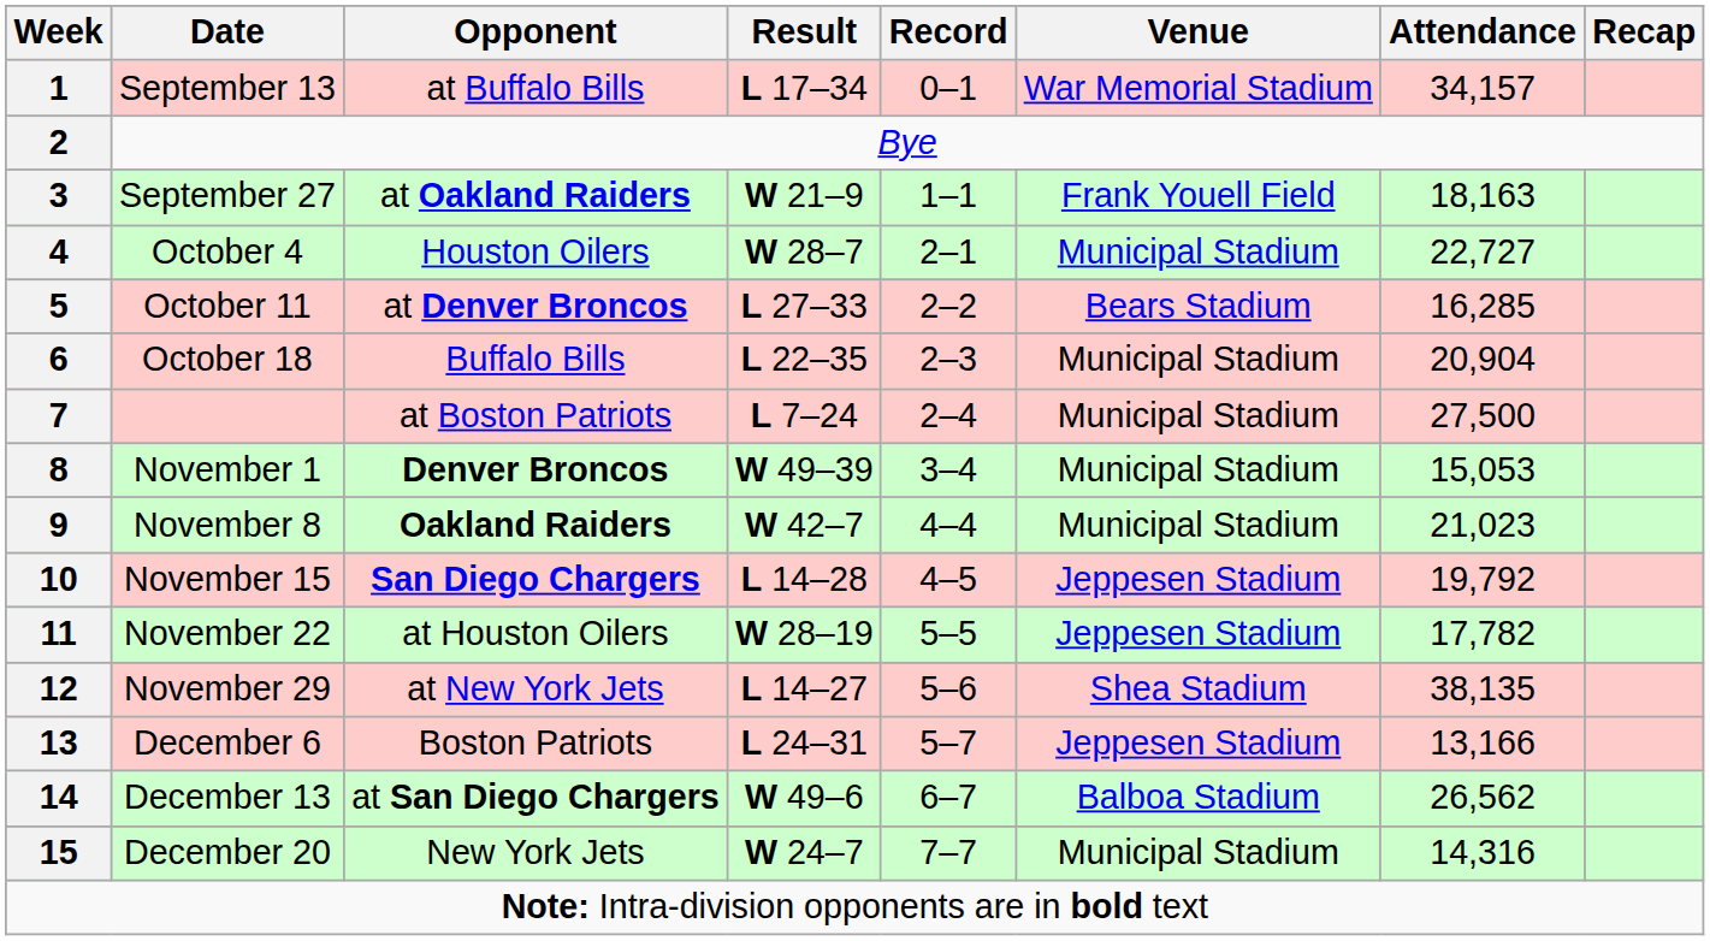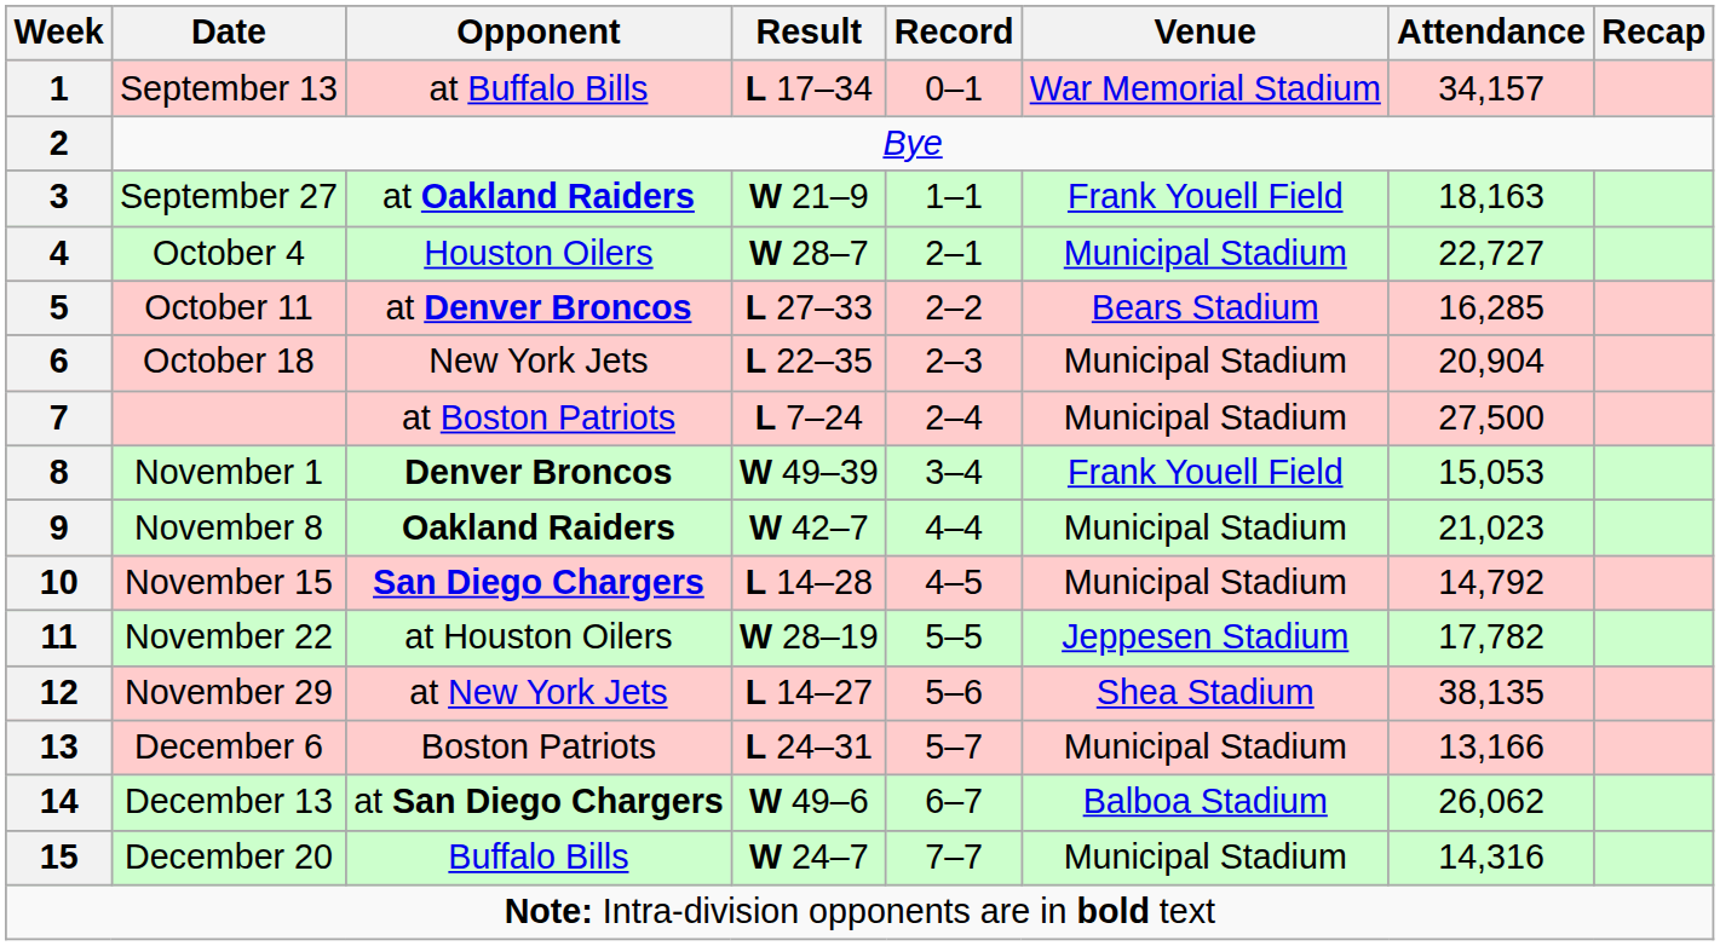 <table class="wikitable" style="text-align:center">
 <tr>
 <th>Week</th>
 <th>Date</th>
 <th>Opponent</th>
 <th>Result</th>
 <th>Record</th>
 <th>Venue</th>
 <th>Attendance</th>
 <th>Recap</th>
 </tr>
 <tr style="background:#fcc">
 <th>1</th>
 <td>September 13</td>
 <td>at <a href='#'>Buffalo Bills</a></td>
 <td><strong>L</strong> 17–34</td>
 <td>0–1</td>
 <td><a href='#'>War Memorial Stadium</a></td>
 <td>34,157</td>
 <td></td>
 </tr>
 <tr>
 <th>2</th>
 <td colspan="7"><em><a href='#'>Bye</a></em></td>
 </tr>
 <tr style="background:#cfc">
 <th>3</th>
 <td>September 27</td>
 <td>at <strong><a href='#'>Oakland Raiders</a></strong></td>
 <td><strong>W</strong> 21–9</td>
 <td>1–1</td>
 <td><a href='#'>Frank Youell Field</a></td>
 <td>18,163</td>
 <td></td>
 </tr>
 <tr style="background:#cfc">
 <th>4</th>
 <td>October 4</td>
 <td><a href='#'>Houston Oilers</a></td>
 <td><strong>W</strong> 28–7</td>
 <td>2–1</td>
 <td><a href='#'>Municipal Stadium</a></td>
 <td>22,727</td>
 <td></td>
 </tr>
 <tr style="background:#fcc">
 <th>5</th>
 <td>October 11</td>
 <td>at <strong><a href='#'>Denver Broncos</a></strong></td>
 <td><strong>L</strong> 27–33</td>
 <td>2–2</td>
 <td><a href='#'>Bears Stadium</a></td>
 <td>16,285</td>
 <td></td>
 </tr>
 <tr style="background:#fcc">
 <th>6</th>
 <td>October 18</td>
-<td><a href='#'>Buffalo Bills</a></td>
+<td>New York Jets</td>
 <td><strong>L</strong> 22–35</td>
 <td>2–3</td>
 <td>Municipal Stadium</td>
 <td>20,904</td>
 <td></td>
 </tr>
 <tr style="background:#fcc">
 <th>7</th>
 <td></td>
 <td>at <a href='#'>Boston Patriots</a></td>
 <td><strong>L</strong> 7–24</td>
 <td>2–4</td>
 <td>Municipal Stadium</td>
 <td>27,500</td>
 <td></td>
 </tr>
 <tr style="background:#cfc">
 <th>8</th>
 <td>November 1</td>
 <td><strong>Denver Broncos</strong></td>
 <td><strong>W</strong> 49–39</td>
 <td>3–4</td>
-<td>Municipal Stadium</td>
+<td><a href='#'>Frank Youell Field</a></td>
 <td>15,053</td>
 <td></td>
 </tr>
 <tr style="background:#cfc">
 <th>9</th>
 <td>November 8</td>
 <td><strong>Oakland Raiders</strong></td>
 <td><strong>W</strong> 42–7</td>
 <td>4–4</td>
 <td>Municipal Stadium</td>
 <td>21,023</td>
 <td></td>
 </tr>
 <tr style="background:#fcc">
 <th>10</th>
 <td>November 15</td>
 <td><strong><a href='#'>San Diego Chargers</a></strong></td>
 <td><strong>L</strong> 14–28</td>
 <td>4–5</td>
-<td><a href='#'>Jeppesen Stadium</a></td>
-<td>19,792</td>
+<td>Municipal Stadium</td>
+<td>14,792</td>
 <td></td>
 </tr>
 <tr style="background:#cfc">
 <th>11</th>
 <td>November 22</td>
 <td>at Houston Oilers</td>
 <td><strong>W</strong> 28–19</td>
 <td>5–5</td>
 <td><a href='#'>Jeppesen Stadium</a></td>
 <td>17,782</td>
 <td></td>
 </tr>
 <tr style="background:#fcc">
 <th>12</th>
 <td>November 29</td>
 <td>at <a href='#'>New York Jets</a></td>
 <td><strong>L</strong> 14–27</td>
 <td>5–6</td>
 <td><a href='#'>Shea Stadium</a></td>
 <td>38,135</td>
 <td></td>
 </tr>
 <tr style="background:#fcc">
 <th>13</th>
 <td>December 6</td>
 <td>Boston Patriots</td>
 <td><strong>L</strong> 24–31</td>
 <td>5–7</td>
-<td><a href='#'>Jeppesen Stadium</a></td>
+<td>Municipal Stadium</td>
 <td>13,166</td>
 <td></td>
 </tr>
 <tr style="background:#cfc">
 <th>14</th>
 <td>December 13</td>
 <td>at <strong>San Diego Chargers</strong></td>
 <td><strong>W</strong> 49–6</td>
 <td>6–7</td>
 <td><a href='#'>Balboa Stadium</a></td>
-<td>26,562</td>
+<td>26,062</td>
 <td></td>
 </tr>
 <tr style="background:#cfc">
 <th>15</th>
 <td>December 20</td>
-<td>New York Jets</td>
+<td><a href='#'>Buffalo Bills</a></td>
 <td><strong>W</strong> 24–7</td>
 <td>7–7</td>
 <td>Municipal Stadium</td>
 <td>14,316</td>
 <td></td>
 </tr>
 <tr>
 <td colspan="8"><strong>Note:</strong> Intra-division opponents are in <strong>bold</strong> text</td>
 </tr>
 </table>
